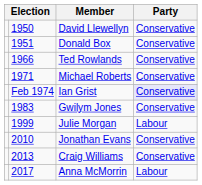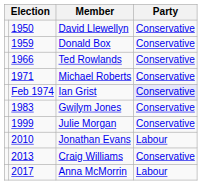 <table class="wikitable">
 <tr>
 <th colspan="2">Election</th>
 <th>Member</th>
 <th>Party</th>
 </tr>
 <tr>
 <td style="color:inherit;background-color: "></td>
 <td><a href='#'>1950</a></td>
 <td><a href='#'>David Llewellyn</a></td>
 <td><a href='#'>Conservative</a></td>
 </tr>
 <tr>
 <td style="color:inherit;background-color: "></td>
-<td><a href='#'>1951</a></td>
+<td><a href='#'>1959</a></td>
 <td><a href='#'>Donald Box</a></td>
 <td><a href='#'>Conservative</a></td>
 </tr>
 <tr>
 <td style="color:inherit;background-color: "></td>
 <td><a href='#'>1966</a></td>
 <td><a href='#'>Ted Rowlands</a></td>
 <td><a href='#'>Conservative</a></td>
 </tr>
 <tr>
 <td style="color:inherit;background-color: "></td>
 <td><a href='#'>1971</a></td>
 <td><a href='#'>Michael Roberts</a></td>
 <td><a href='#'>Conservative</a></td>
 </tr>
 <tr>
 <td style="color:inherit;background-color: "></td>
 <td><a href='#'>Feb 1974</a></td>
 <td><a href='#'>Ian Grist</a></td>
 <td style="background: lavender;"><a href='#'>Conservative</a></td>
 </tr>
 <tr>
 <td style="color:inherit;background-color: "></td>
 <td><a href='#'>1983</a></td>
 <td><a href='#'>Gwilym Jones</a></td>
 <td><a href='#'>Conservative</a></td>
 </tr>
 <tr>
 <td style="color:inherit;background-color: "></td>
 <td><a href='#'>1999</a></td>
 <td><a href='#'>Julie Morgan</a></td>
-<td><a href='#'>Labour</a></td>
+<td><a href='#'>Conservative</a></td>
 </tr>
 <tr>
 <td style="color:inherit;background-color: "></td>
 <td><a href='#'>2010</a></td>
 <td><a href='#'>Jonathan Evans</a></td>
-<td><a href='#'>Conservative</a></td>
+<td><a href='#'>Labour</a></td>
 </tr>
 <tr>
 <td style="color:inherit;background-color: "></td>
 <td><a href='#'>2013</a></td>
 <td><a href='#'>Craig Williams</a></td>
 <td><a href='#'>Conservative</a></td>
 </tr>
 <tr>
 <td style="color:inherit;background-color: "></td>
 <td><a href='#'>2017</a></td>
 <td><a href='#'>Anna McMorrin</a></td>
 <td><a href='#'>Labour</a></td>
 </tr>
 </table>
